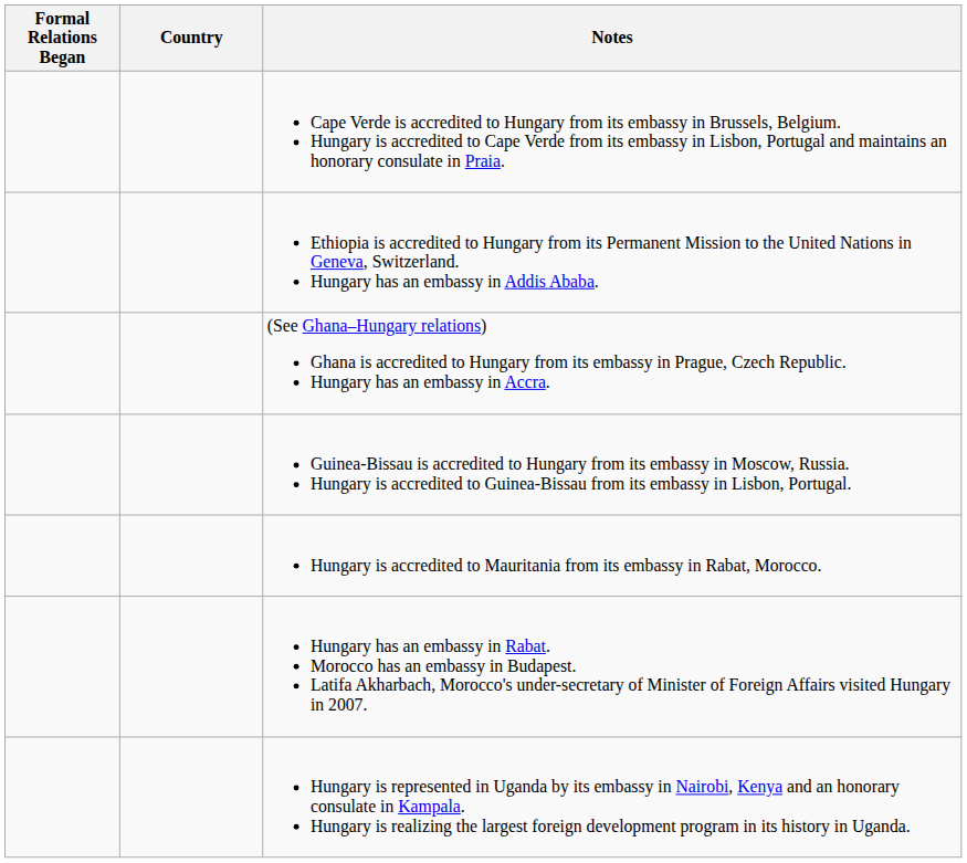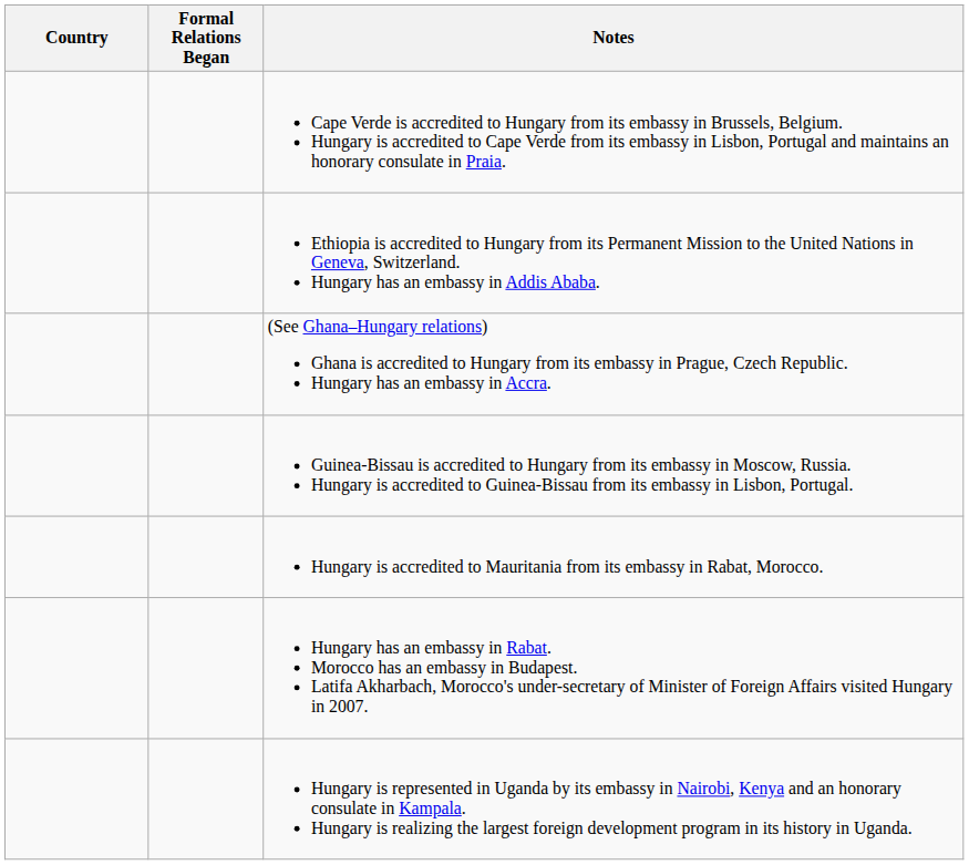 <table class="wikitable sortable" border="1" style="width:100%; margin:auto;">
 <tr>
+<th width="15%">Country</th>
 <th width="12%">Formal Relations Began</th>
-<th width="15%">Country</th>
 <th>Notes</th>
 </tr>
 <tr -valign="top">
 <td></td>
 <td></td>
 <td><br><ul><li>Cape Verde is accredited to Hungary from its embassy in Brussels, Belgium.</li><li>Hungary is accredited to Cape Verde from its embassy in Lisbon, Portugal and maintains an honorary consulate in <a href='#'>Praia</a>.</li></ul></td>
 </tr>
 <tr -valign="top">
 <td></td>
 <td></td>
 <td><br><ul><li>Ethiopia is accredited to Hungary from its Permanent Mission to the United Nations in <a href='#'>Geneva</a>, Switzerland.</li><li>Hungary has an embassy in <a href='#'>Addis Ababa</a>.</li></ul></td>
 </tr>
 <tr -valign="top">
 <td></td>
 <td></td>
 <td>(See <a href='#'>Ghana–Hungary relations</a>)<br><ul><li>Ghana is accredited to Hungary from its embassy in Prague, Czech Republic.</li><li>Hungary has an embassy in <a href='#'>Accra</a>.</li></ul></td>
 </tr>
 <tr -valign="top">
 <td></td>
 <td></td>
 <td><br><ul><li>Guinea-Bissau is accredited to Hungary from its embassy in Moscow, Russia.</li><li>Hungary is accredited to Guinea-Bissau from its embassy in Lisbon, Portugal.</li></ul></td>
 </tr>
 <tr -valign="top">
 <td></td>
 <td></td>
 <td><br><ul><li>Hungary is accredited to Mauritania from its embassy in Rabat, Morocco.</li></ul></td>
 </tr>
 <tr -valign="top">
 <td></td>
 <td></td>
 <td><br><ul><li>Hungary has an embassy in <a href='#'>Rabat</a>.</li><li>Morocco has an embassy in Budapest.</li><li>Latifa Akharbach, Morocco's under-secretary of Minister of Foreign Affairs visited Hungary in 2007.</li></ul></td>
 </tr>
 <tr -valign="top">
 <td></td>
 <td></td>
 <td><br><ul><li>Hungary is represented in Uganda by its embassy in <a href='#'>Nairobi</a>, <a href='#'>Kenya</a> and an honorary consulate in <a href='#'>Kampala</a>.</li><li>Hungary is realizing the largest foreign development program in its history in Uganda.</li></ul></td>
 </tr>
 </table>
